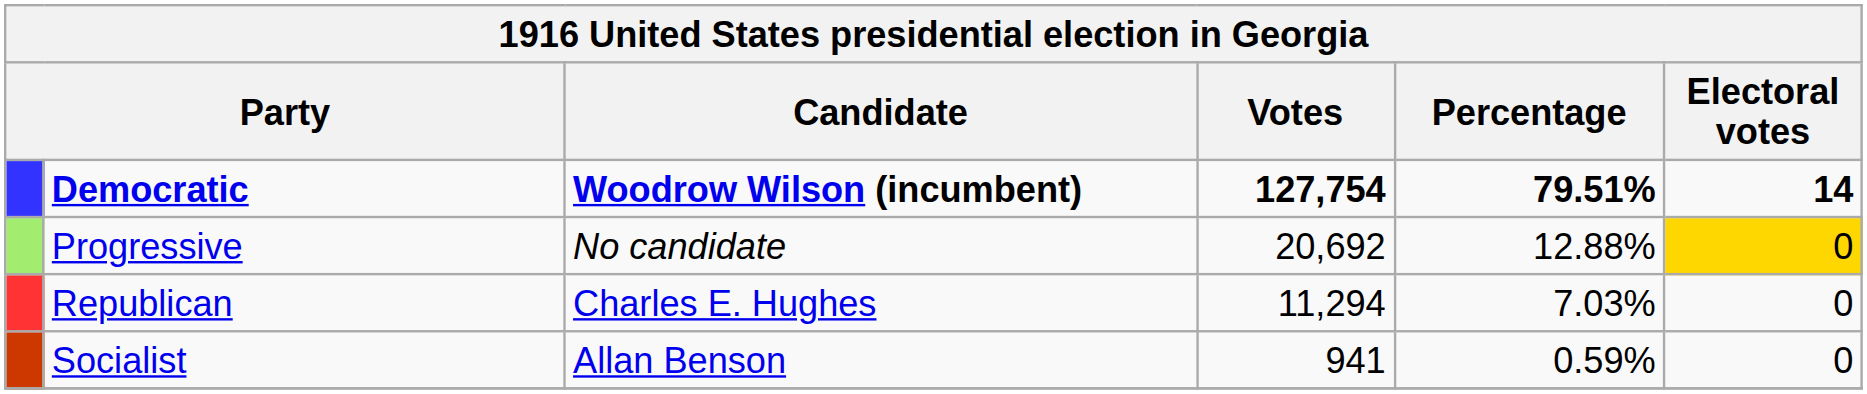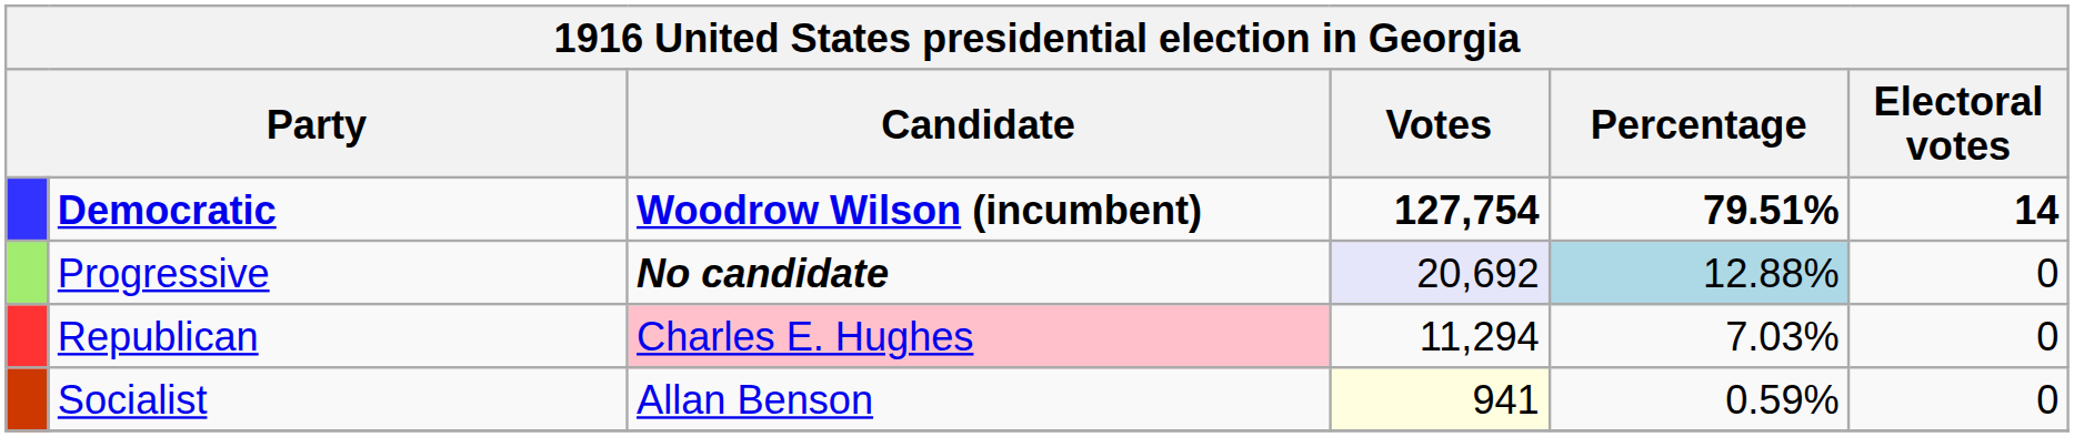 <table class="wikitable" style="font-size: 95%;">
 <tr>
 <th colspan="6">1916  United States presidential election in Georgia</th>
 </tr>
 <tr>
 <th colspan="2" style="width: 15em">Party</th>
 <th style="width: 17em">Candidate</th>
 <th style="width: 5em">Votes</th>
 <th style="width: 7em">Percentage</th>
 <th style="width: 5em">Electoral votes</th>
 </tr>
 <tr>
 <th style="background-color:#3333FF; width: 3px"></th>
 <td style="width: 130px"><strong><a href='#'>Democratic</a></strong></td>
 <td><strong><a href='#'>Woodrow Wilson</a> (incumbent)</strong></td>
 <td align="right"><strong>127,754</strong></td>
 <td align="right"><strong>79.51%</strong></td>
 <td align="right"><strong>14</strong></td>
 </tr>
 <tr>
 <th style="background-color:#A2ED70; width: 3px"></th>
 <td style="width: 130px"><a href='#'>Progressive</a></td>
-<td><em>No candidate</em></td>
-<td align="right">20,692</td>
-<td align="right">12.88%</td>
-<td align="right" style="background: gold;">0</td>
+<td><strong><em>No candidate</em></strong></td>
+<td align="right" style="background: lavender;">20,692</td>
+<td align="right" style="background: lightblue;">12.88%</td>
+<td align="right">0</td>
 </tr>
 <tr>
 <th style="background-color:#FF3333; width: 3px"></th>
 <td style="width: 130px"><a href='#'>Republican</a></td>
-<td><a href='#'>Charles E. Hughes</a></td>
+<td style="background: pink;"><a href='#'>Charles E. Hughes</a></td>
 <td align="right">11,294</td>
 <td align="right">7.03%</td>
 <td align="right">0</td>
 </tr>
 <tr>
 <th style="background-color:#CD3700; width: 3px"></th>
 <td style="width: 130px"><a href='#'>Socialist</a></td>
 <td><a href='#'>Allan Benson</a></td>
-<td align="right">941</td>
+<td align="right" style="background: lightyellow;">941</td>
 <td align="right">0.59%</td>
 <td align="right">0</td>
 </tr>
 <tr>
 </tr>
 </table>
